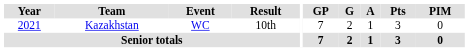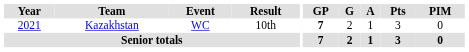 <table border="0" cellpadding="1" cellspacing="0" ID="Table3" style="text-align:center; width:40em">
 <tr ALIGN="center" bgcolor="#e0e0e0">
 <th>Year</th>
 <th>Team</th>
 <th>Event</th>
 <th>Result</th>
 <th rowspan="99" bgcolor="#ffffff"></th>
 <th>GP</th>
 <th>G</th>
 <th>A</th>
 <th>Pts</th>
 <th>PIM</th>
 </tr>
 <tr>
 <td><a href='#'>2021</a></td>
 <td><a href='#'>Kazakhstan</a></td>
 <td><a href='#'>WC</a></td>
 <td>10th</td>
-<td>7</td>
+<td><strong>7</strong></td>
 <td>2</td>
 <td>1</td>
 <td>3</td>
 <td>0</td>
 </tr>
 <tr bgcolor="#e0e0e0">
 <th colspan="4">Senior totals</th>
 <th>7</th>
 <th>2</th>
 <th>1</th>
 <th>3</th>
 <th>0</th>
 </tr>
 </table>
